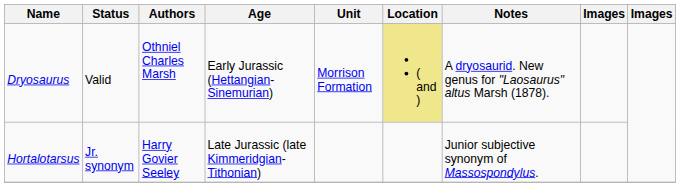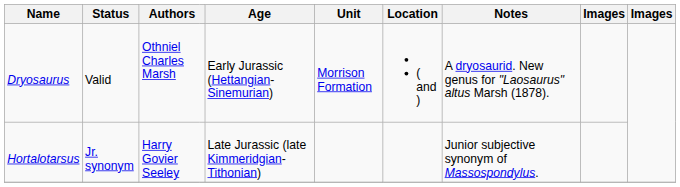 <table class="wikitable sortable" align="center" width="100%">
 <tr>
 <th>Name</th>
 <th>Status</th>
 <th colspan="2">Authors</th>
 <th>Age</th>
 <th>Unit</th>
 <th>Location</th>
 <th>Notes</th>
 <th>Images</th>
 <th>Images</th>
 </tr>
 <tr>
 <td><br><em><a href='#'>Dryosaurus</a></em></td>
 <td><br>Valid</td>
 <td style="border-right:0px" valign="top"><br><a href='#'>Othniel Charles Marsh</a></td>
 <td style="border-left:0px" valign="top"></td>
 <td><br>Early Jurassic (<a href='#'>Hettangian</a>-<a href='#'>Sinemurian</a>)</td>
 <td><br><a href='#'>Morrison Formation</a></td>
-<td style="background: khaki;"><br><ul><li></li><li> ( and )</li></ul></td>
+<td><br><ul><li></li><li> ( and )</li></ul></td>
 <td><br>A <a href='#'>dryosaurid</a>. New genus for <em>"Laosaurus" altus</em> Marsh (1878).</td>
 <td></td>
 <td rowspan="2"></td>
 </tr>
 <tr>
 <td><br><em><a href='#'>Hortalotarsus</a></em></td>
 <td><br><a href='#'>Jr. synonym</a></td>
 <td style="border-right:0px" valign="top"><br><a href='#'>Harry Govier Seeley</a></td>
 <td style="border-left:0px" valign="top"></td>
 <td><br>Late Jurassic (late <a href='#'>Kimmeridgian</a>-<a href='#'>Tithonian</a>)</td>
 <td></td>
 <td></td>
 <td><br>Junior subjective synonym of <em><a href='#'>Massospondylus</a></em>.</td>
 <td></td>
 </tr>
 <tr>
 </tr>
 </table>
